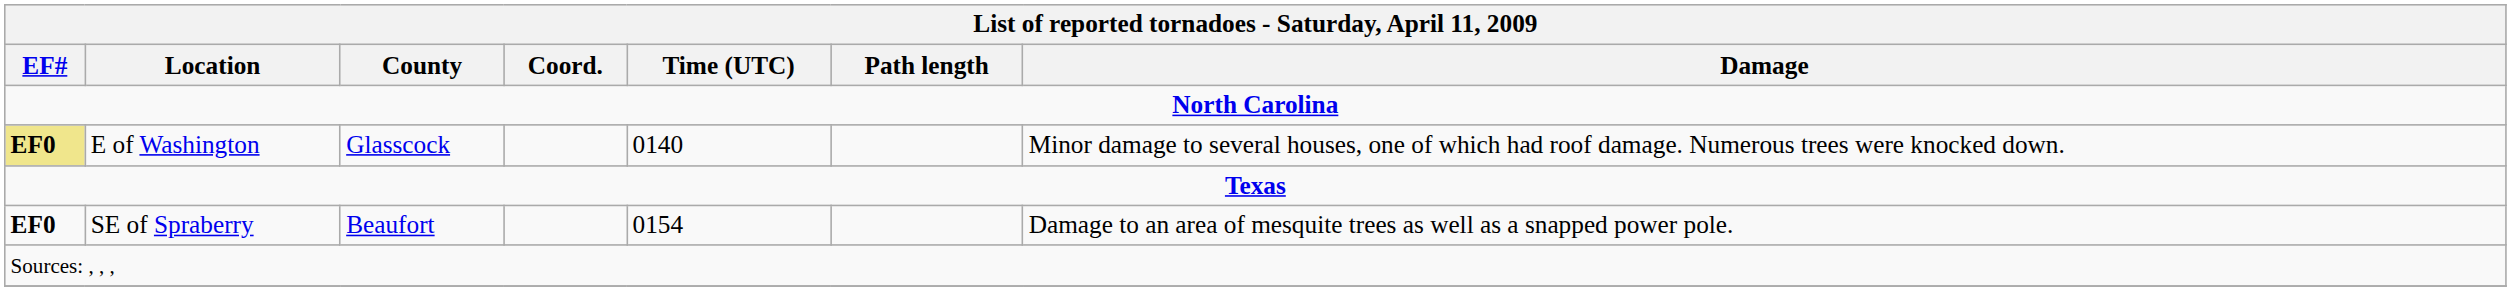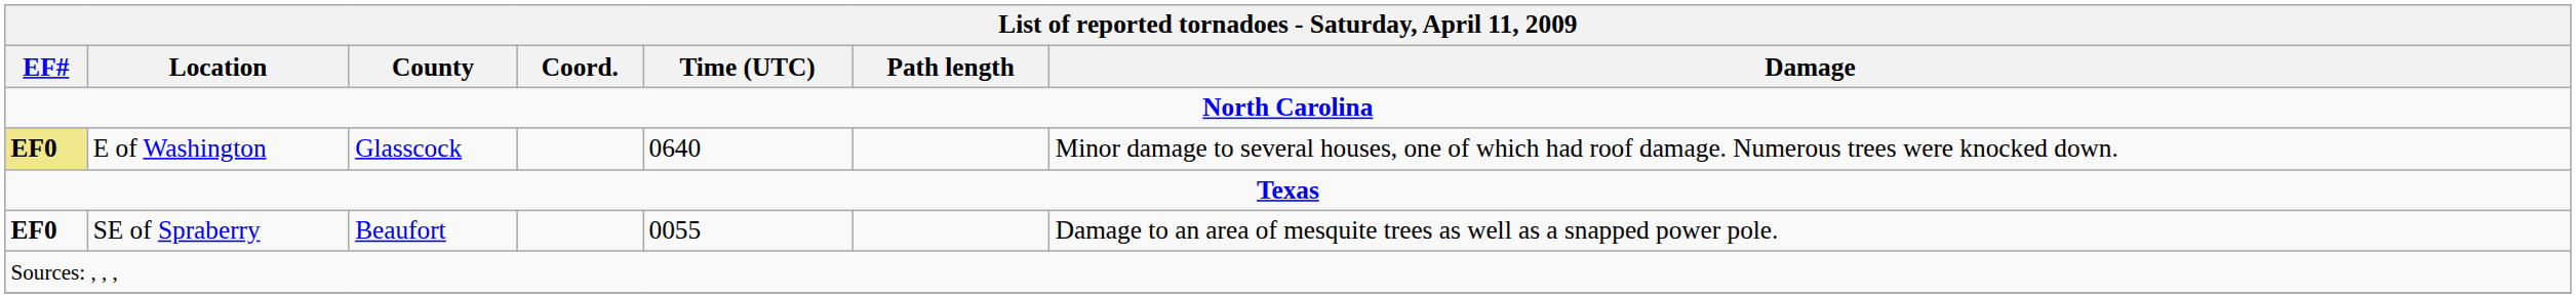 <table class="wikitable collapsible" width="100%">
 <tr>
 <th colspan="7">List of reported tornadoes - Saturday, April 11, 2009</th>
 </tr>
 <tr>
 <th><a href='#'>EF#</a></th>
 <th>Location</th>
 <th>County</th>
 <th>Coord.</th>
 <th>Time (UTC)</th>
 <th>Path length</th>
 <th>Damage</th>
 </tr>
 <tr>
 <td colspan="7" align=center><strong><a href='#'>North Carolina</a></strong></td>
 </tr>
 <tr>
 <td style="background: khaki;"><strong>EF0</strong></td>
 <td>E of <a href='#'>Washington</a></td>
 <td><a href='#'>Glasscock</a></td>
 <td></td>
-<td>0140</td>
+<td>0640</td>
 <td></td>
 <td>Minor damage to several houses, one of which had roof damage. Numerous trees were knocked down.</td>
 </tr>
 <tr>
 <td colspan="7" align=center><strong><a href='#'>Texas</a></strong></td>
 </tr>
 <tr>
 <td><strong>EF0</strong></td>
 <td>SE of <a href='#'>Spraberry</a></td>
 <td><a href='#'>Beaufort</a></td>
 <td></td>
-<td>0154</td>
+<td>0055</td>
 <td></td>
 <td>Damage to an area of mesquite trees as well as a snapped power pole.</td>
 </tr>
 <tr>
 <td colspan="7"><small>Sources: , , , </small></td>
 </tr>
 <tr>
 </tr>
 </table>
